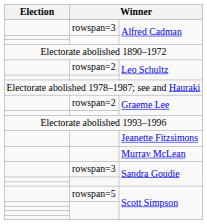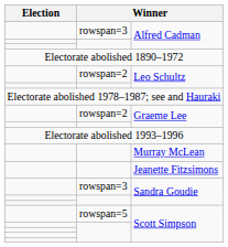 <table class=wikitable>
 <tr>
 <th width=100>Election</th>
 <th width=175 colspan=2>Winner</th>
 </tr>
 <tr>
 <td></td>
 <td>rowspan=3 </td>
 <td rowspan=3><a href='#'>Alfred Cadman</a></td>
 </tr>
 <tr>
 <td></td>
 </tr>
 <tr>
 <td></td>
 </tr>
 <tr>
 <td colspan=3 align=center><span>Electorate abolished 1890–1972</span></td>
 </tr>
 <tr>
 <td></td>
 <td>rowspan=2 </td>
 <td rowspan=2><a href='#'>Leo Schultz</a></td>
 </tr>
 <tr>
 <td></td>
 </tr>
 <tr>
 <td colspan=3 align=center><span>Electorate abolished 1978–1987; see  and <a href='#'>Hauraki</a></span></td>
 </tr>
 <tr>
 <td></td>
 <td>rowspan=2 </td>
 <td rowspan=2><a href='#'>Graeme Lee</a></td>
 </tr>
 <tr>
 <td></td>
 </tr>
 <tr>
 <td colspan=3 align=center><span>Electorate abolished 1993–1996</span></td>
 </tr>
 <tr>
 <td></td>
 <td></td>
-<td><a href='#'>Jeanette Fitzsimons</a></td>
+<td><a href='#'>Murray McLean</a></td>
 </tr>
 <tr>
 <td></td>
 <td></td>
-<td><a href='#'>Murray McLean</a></td>
+<td><a href='#'>Jeanette Fitzsimons</a></td>
 </tr>
 <tr>
 <td></td>
 <td>rowspan=3 </td>
 <td rowspan=3><a href='#'>Sandra Goudie</a></td>
 </tr>
 <tr>
 <td></td>
 </tr>
 <tr>
 <td></td>
 </tr>
 <tr>
 <td></td>
 <td>rowspan=5 </td>
 <td rowspan=5><a href='#'>Scott Simpson</a></td>
 </tr>
 <tr>
 <td></td>
 </tr>
 <tr>
 <td></td>
 </tr>
 <tr>
 <td></td>
 </tr>
 <tr>
 <td></td>
 </tr>
 </table>
